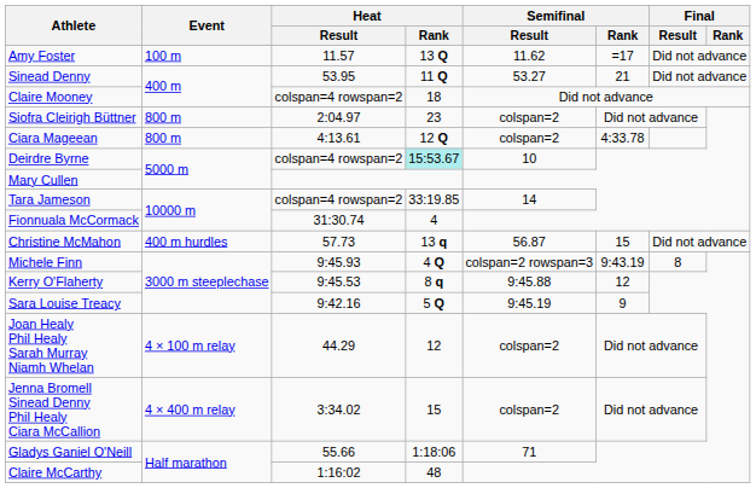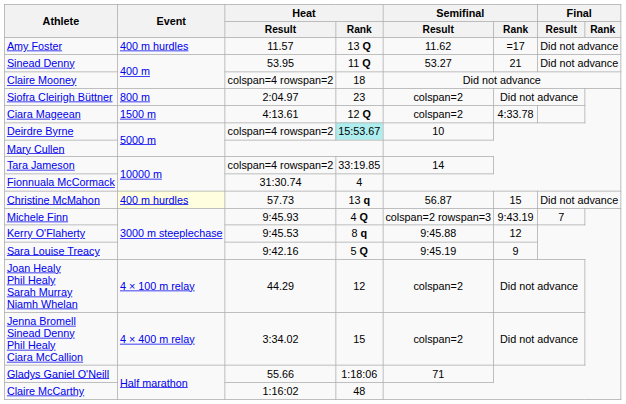 <table class="wikitable" style="font-size:90%">
 <tr>
 <th rowspan=2>Athlete</th>
 <th rowspan=2>Event</th>
 <th colspan=2>Heat</th>
 <th colspan=2>Semifinal</th>
 <th colspan=2>Final</th>
 </tr>
 <tr style="font-size:95%">
 <th>Result</th>
 <th>Rank</th>
 <th>Result</th>
 <th>Rank</th>
 <th>Result</th>
 <th>Rank</th>
 </tr>
 <tr align=center>
 <td align=left><a href='#'>Amy Foster</a></td>
-<td style="text-align:left;"><a href='#'>100 m</a></td>
+<td style="text-align:left;"><a href='#'>400 m hurdles</a></td>
 <td>11.57</td>
 <td>13 <strong>Q</strong></td>
 <td>11.62</td>
 <td>=17</td>
 <td colspan=2>Did not advance</td>
 </tr>
 <tr align=center>
 <td align=left><a href='#'>Sinead Denny</a></td>
 <td style="text-align:left;" rowspan=2><a href='#'>400 m</a></td>
 <td>53.95</td>
 <td>11 <strong>Q</strong></td>
 <td>53.27</td>
 <td>21</td>
 <td colspan=2>Did not advance</td>
 </tr>
 <tr align=center>
 <td align=left><a href='#'>Claire Mooney</a></td>
 <td>colspan=4 rowspan=2 </td>
 <td>18</td>
 <td colspan=4>Did not advance</td>
 </tr>
 <tr align=center>
 <td align=left><a href='#'>Siofra Cleirigh Büttner</a></td>
 <td style="text-align:left;"><a href='#'>800 m</a></td>
 <td>2:04.97</td>
 <td>23</td>
 <td>colspan=2 </td>
 <td colspan=2>Did not advance</td>
 </tr>
 <tr align=center>
 <td align=left><a href='#'>Ciara Mageean</a></td>
-<td style="text-align:left;"><a href='#'>800 m</a></td>
+<td style="text-align:left;"><a href='#'>1500 m</a></td>
 <td>4:13.61</td>
 <td>12 <strong>Q</strong></td>
 <td>colspan=2 </td>
 <td>4:33.78</td>
 <td></td>
 </tr>
 <tr align=center>
 <td align=left><a href='#'>Deirdre Byrne</a></td>
 <td style="text-align:left;" rowspan=2><a href='#'>5000 m</a></td>
 <td>colspan=4 rowspan=2 </td>
 <td style="background: paleturquoise;">15:53.67</td>
 <td>10</td>
 </tr>
 <tr align=center>
 <td align=left><a href='#'>Mary Cullen</a></td>
 <td colspan=2></td>
 </tr>
 <tr align=center>
 <td align=left><a href='#'>Tara Jameson</a></td>
 <td style="text-align:left;" rowspan=2><a href='#'>10000 m</a></td>
 <td>colspan=4 rowspan=2 </td>
 <td>33:19.85</td>
 <td>14</td>
 </tr>
 <tr align=center>
 <td align=left><a href='#'>Fionnuala McCormack</a></td>
 <td>31:30.74 <strong></strong></td>
 <td>4</td>
 </tr>
 <tr align=center>
 <td align=left><a href='#'>Christine McMahon</a></td>
-<td style="text-align:left;"><a href='#'>400 m hurdles</a></td>
+<td style="background: lightyellow; text-align:left;"><a href='#'>400 m hurdles</a></td>
 <td>57.73</td>
 <td>13 <strong>q</strong></td>
 <td>56.87</td>
 <td>15</td>
 <td colspan=2>Did not advance</td>
 </tr>
 <tr align=center>
 <td align=left><a href='#'>Michele Finn</a></td>
 <td style="text-align:left;" rowspan=3><a href='#'>3000 m steeplechase</a></td>
 <td>9:45.93 <strong></strong></td>
 <td>4 <strong>Q</strong></td>
 <td>colspan=2 rowspan=3 </td>
 <td>9:43.19 <strong></strong></td>
-<td>8</td>
+<td>7</td>
 </tr>
 <tr align=center>
 <td align=left><a href='#'>Kerry O'Flaherty</a></td>
 <td>9:45.53</td>
 <td>8 <strong>q</strong></td>
 <td>9:45.88</td>
 <td>12</td>
 </tr>
 <tr align=center>
 <td align=left><a href='#'>Sara Louise Treacy</a></td>
 <td>9:42.16 <strong></strong></td>
 <td>5 <strong>Q</strong></td>
 <td>9:45.19</td>
 <td>9</td>
 </tr>
 <tr align=center>
 <td align=left><a href='#'>Joan Healy</a><br><a href='#'>Phil Healy</a><br><a href='#'>Sarah Murray</a><br><a href='#'>Niamh Whelan</a></td>
 <td style="text-align:left;"><a href='#'>4 × 100 m relay</a></td>
 <td>44.29 <strong></strong></td>
 <td>12</td>
 <td>colspan=2 </td>
 <td colspan=2>Did not advance</td>
 </tr>
 <tr align=center>
 <td align=left><a href='#'>Jenna Bromell</a><br><a href='#'>Sinead Denny</a><br><a href='#'>Phil Healy</a><br><a href='#'>Ciara McCallion</a></td>
 <td style="text-align:left;"><a href='#'>4 × 400 m relay</a></td>
 <td>3:34.02 <strong></strong></td>
 <td>15</td>
 <td>colspan=2 </td>
 <td colspan=2>Did not advance</td>
 </tr>
 <tr align=center>
 <td align=left><a href='#'>Gladys Ganiel O'Neill</a></td>
 <td style="text-align:left;" rowspan=2><a href='#'>Half marathon</a></td>
 <td>55.66</td>
 <td>1:18:06 <strong></strong></td>
 <td>71</td>
 </tr>
 <tr align=center>
 <td align=left><a href='#'>Claire McCarthy</a></td>
 <td>1:16:02</td>
 <td>48</td>
 </tr>
 </table>
